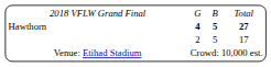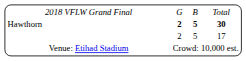 <table style="margin-right:4px; margin-top:8px; float:right; clear:right; border:1px #000 solid; border-radius:8px; background:#fff; font-family:Verdana; font-size:8pt; text-align:center;">
 <tr>
 <td style="width:200px;"><em>2018 VFLW Grand Final</em></td>
 <td><em>G</em></td>
 <td><em>B</em></td>
 <td><em>Total</em></td>
 </tr>
 <tr>
 <td style="text-align:left">Hawthorn</td>
-<td><strong>4</strong></td>
+<td><strong>2</strong></td>
 <td><strong>5</strong></td>
-<td><strong>27</strong></td>
+<td><strong>30</strong></td>
 </tr>
 <tr>
 <td style="text-align:left"></td>
 <td>2</td>
 <td>5</td>
 <td>17</td>
 </tr>
 <tr>
 <td>Venue: <a href='#'>Etihad Stadium</a></td>
 <td colspan="3">Crowd: 10,000 est.</td>
 </tr>
 </table>
